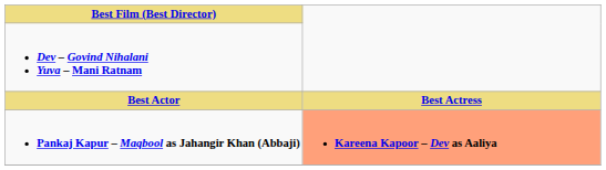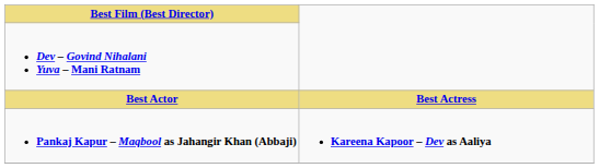 <table class="wikitable">
 <tr>
 <th style="background:#EEDD82; width:50%;"><a href='#'>Best Film (Best Director)</a></th>
 </tr>
 <tr>
 <td><br><ul><li><strong><em><a href='#'>Dev</a><em> – <a href='#'>Govind Nihalani</a><strong></li><li></em></strong><a href='#'>Yuva</a></em> – <a href='#'>Mani Ratnam</a></strong></li></ul></td>
 </tr>
 <tr>
 <th style="background:#EEDD82; width:50%;"><a href='#'>Best Actor</a></th>
 <th style="background:#EEDD82; width:50%;"><a href='#'>Best Actress</a></th>
 </tr>
 <tr>
 <td><br><ul><li><strong><a href='#'>Pankaj Kapur</a> – <em><a href='#'>Maqbool</a></em> as Jahangir Khan (Abbaji)</strong></li></ul></td>
-<td style="background: lightsalmon;"><br><ul><li><strong><a href='#'>Kareena Kapoor</a> – <em><a href='#'>Dev</a></em> as Aaliya</strong></li></ul></td>
+<td><br><ul><li><strong><a href='#'>Kareena Kapoor</a> – <em><a href='#'>Dev</a></em> as Aaliya</strong></li></ul></td>
 </tr>
 <tr>
 </tr>
 </table>
